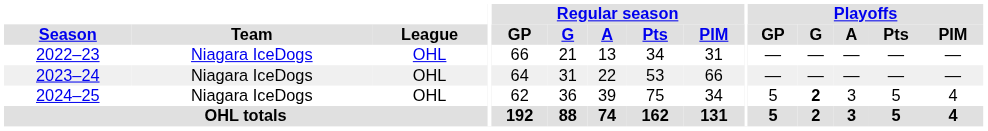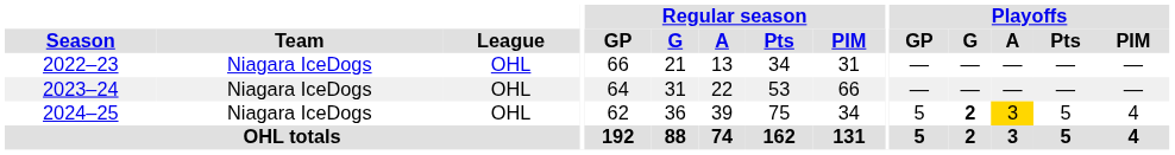 <table border="0" cellpadding="1" cellspacing="0" style="text-align:center; width:60em;">
 <tr bgcolor="#e0e0e0">
 <th colspan="3" bgcolor="#ffffff"></th>
 <th rowspan="99" bgcolor="#ffffff"></th>
 <th colspan="5"><a href='#'>Regular season</a></th>
 <th rowspan="99" bgcolor="#ffffff"></th>
 <th colspan="5"><a href='#'>Playoffs</a></th>
 </tr>
 <tr bgcolor="#e0e0e0">
 <th><a href='#'>Season</a></th>
 <th>Team</th>
 <th>League</th>
 <th>GP</th>
 <th><a href='#'>G</a></th>
 <th><a href='#'>A</a></th>
 <th><a href='#'>Pts</a></th>
 <th><a href='#'>PIM</a></th>
 <th>GP</th>
 <th>G</th>
 <th>A</th>
 <th>Pts</th>
 <th>PIM</th>
 </tr>
 <tr>
 <td><a href='#'>2022–23</a></td>
 <td><a href='#'>Niagara IceDogs</a></td>
 <td><a href='#'>OHL</a></td>
 <td>66</td>
 <td>21</td>
 <td>13</td>
 <td>34</td>
 <td>31</td>
 <td>—</td>
 <td>—</td>
 <td>—</td>
 <td>—</td>
 <td>—</td>
 </tr>
 <tr bgcolor="#f0f0f0">
 <td><a href='#'>2023–24</a></td>
 <td>Niagara IceDogs</td>
 <td>OHL</td>
 <td>64</td>
 <td>31</td>
 <td>22</td>
 <td>53</td>
 <td>66</td>
 <td>—</td>
 <td>—</td>
 <td>—</td>
 <td>—</td>
 <td>—</td>
 </tr>
 <tr>
 <td><a href='#'>2024–25</a></td>
 <td>Niagara IceDogs</td>
 <td>OHL</td>
 <td>62</td>
 <td>36</td>
 <td>39</td>
 <td>75</td>
 <td>34</td>
 <td>5</td>
 <td><strong>2</strong></td>
-<td>3</td>
+<td style="background: gold;">3</td>
 <td>5</td>
 <td>4</td>
 </tr>
 <tr bgcolor="#e0e0e0">
 <th colspan="3">OHL totals</th>
 <th>192</th>
 <th>88</th>
 <th>74</th>
 <th>162</th>
 <th>131</th>
 <th>5</th>
 <th>2</th>
 <th>3</th>
 <th>5</th>
 <th>4</th>
 </tr>
 </table>
